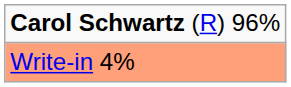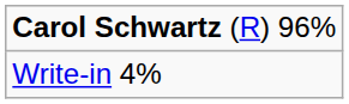 <table class="wikitable">
 <tr>
 <td><strong>Carol Schwartz</strong> (<a href='#'>R</a>) 96%</td>
 </tr>
 <tr>
-<td style="background: lightsalmon;"><a href='#'>Write-in</a> 4%</td>
+<td><a href='#'>Write-in</a> 4%</td>
 </tr>
 </table>
